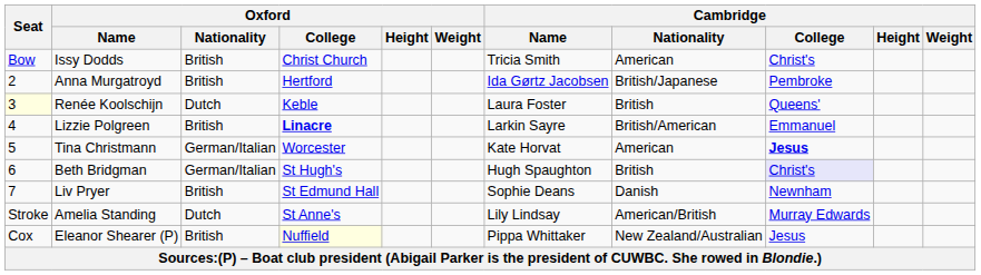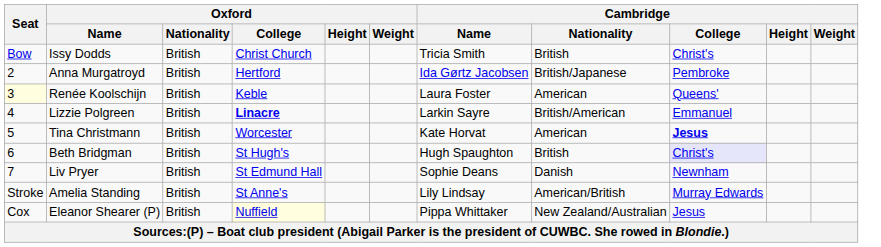 <table class="wikitable">
 <tr>
 <th rowspan="2" scope="col">Seat</th>
 <th colspan="5" scope="col">Oxford</th>
 <th colspan="5" scope="col">Cambridge</th>
 </tr>
 <tr>
 <th>Name</th>
 <th>Nationality</th>
 <th>College</th>
 <th>Height</th>
 <th>Weight</th>
 <th>Name</th>
 <th>Nationality</th>
 <th>College</th>
 <th>Height</th>
 <th>Weight</th>
 </tr>
 <tr>
 <td><a href='#'>Bow</a></td>
 <td>Issy Dodds</td>
 <td>British</td>
 <td><a href='#'>Christ Church</a></td>
 <td></td>
 <td></td>
 <td>Tricia Smith</td>
-<td>American</td>
+<td>British</td>
 <td><a href='#'>Christ's</a></td>
 <td></td>
 <td></td>
 </tr>
 <tr>
 <td>2</td>
 <td>Anna Murgatroyd</td>
 <td>British</td>
 <td><a href='#'>Hertford</a></td>
 <td></td>
 <td></td>
 <td><a href='#'>Ida Gørtz Jacobsen</a></td>
 <td>British/Japanese</td>
 <td><a href='#'>Pembroke</a></td>
 <td></td>
 <td></td>
 </tr>
 <tr>
 <td style="background: lightyellow;">3</td>
 <td>Renée Koolschijn</td>
-<td>Dutch</td>
+<td>British</td>
 <td><a href='#'>Keble</a></td>
 <td></td>
 <td></td>
 <td>Laura Foster</td>
-<td>British</td>
+<td>American</td>
 <td><a href='#'>Queens'</a></td>
 <td></td>
 <td></td>
 </tr>
 <tr>
 <td>4</td>
 <td>Lizzie Polgreen</td>
 <td>British</td>
 <td><strong><a href='#'>Linacre</a></strong></td>
 <td></td>
 <td></td>
 <td>Larkin Sayre</td>
 <td>British/American</td>
 <td><a href='#'>Emmanuel</a></td>
 <td></td>
 <td></td>
 </tr>
 <tr>
 <td>5</td>
 <td>Tina Christmann</td>
-<td>German/Italian</td>
+<td>British</td>
 <td><a href='#'>Worcester</a></td>
 <td></td>
 <td></td>
 <td>Kate Horvat</td>
 <td>American</td>
 <td><strong><a href='#'>Jesus</a></strong></td>
 <td></td>
 <td></td>
 </tr>
 <tr>
 <td>6</td>
 <td>Beth Bridgman</td>
-<td>German/Italian</td>
+<td>British</td>
 <td><a href='#'>St Hugh's</a></td>
 <td></td>
 <td></td>
 <td>Hugh Spaughton</td>
 <td>British</td>
 <td style="background: lavender;"><a href='#'>Christ's</a></td>
 <td></td>
 <td></td>
 </tr>
 <tr>
 <td>7</td>
 <td>Liv Pryer</td>
 <td>British</td>
 <td><a href='#'>St Edmund Hall</a></td>
 <td></td>
 <td></td>
 <td>Sophie Deans</td>
 <td>Danish</td>
 <td><a href='#'>Newnham</a></td>
 <td></td>
 <td></td>
 </tr>
 <tr>
 <td>Stroke</td>
 <td>Amelia Standing</td>
-<td>Dutch</td>
+<td>British</td>
 <td><a href='#'>St Anne's</a></td>
 <td></td>
 <td></td>
 <td>Lily Lindsay</td>
 <td>American/British</td>
 <td><a href='#'>Murray Edwards</a></td>
 <td></td>
 <td></td>
 </tr>
 <tr>
 <td>Cox</td>
 <td>Eleanor Shearer (P)</td>
 <td>British</td>
 <td style="background: lightyellow;"><a href='#'>Nuffield</a></td>
 <td></td>
 <td></td>
 <td>Pippa Whittaker</td>
 <td>New Zealand/Australian</td>
 <td><a href='#'>Jesus</a></td>
 <td></td>
 <td></td>
 </tr>
 <tr>
 <th colspan=12>Sources:(P) – Boat club president (Abigail Parker is the president of CUWBC. She rowed in <em>Blondie</em>.)</th>
 </tr>
 </table>
